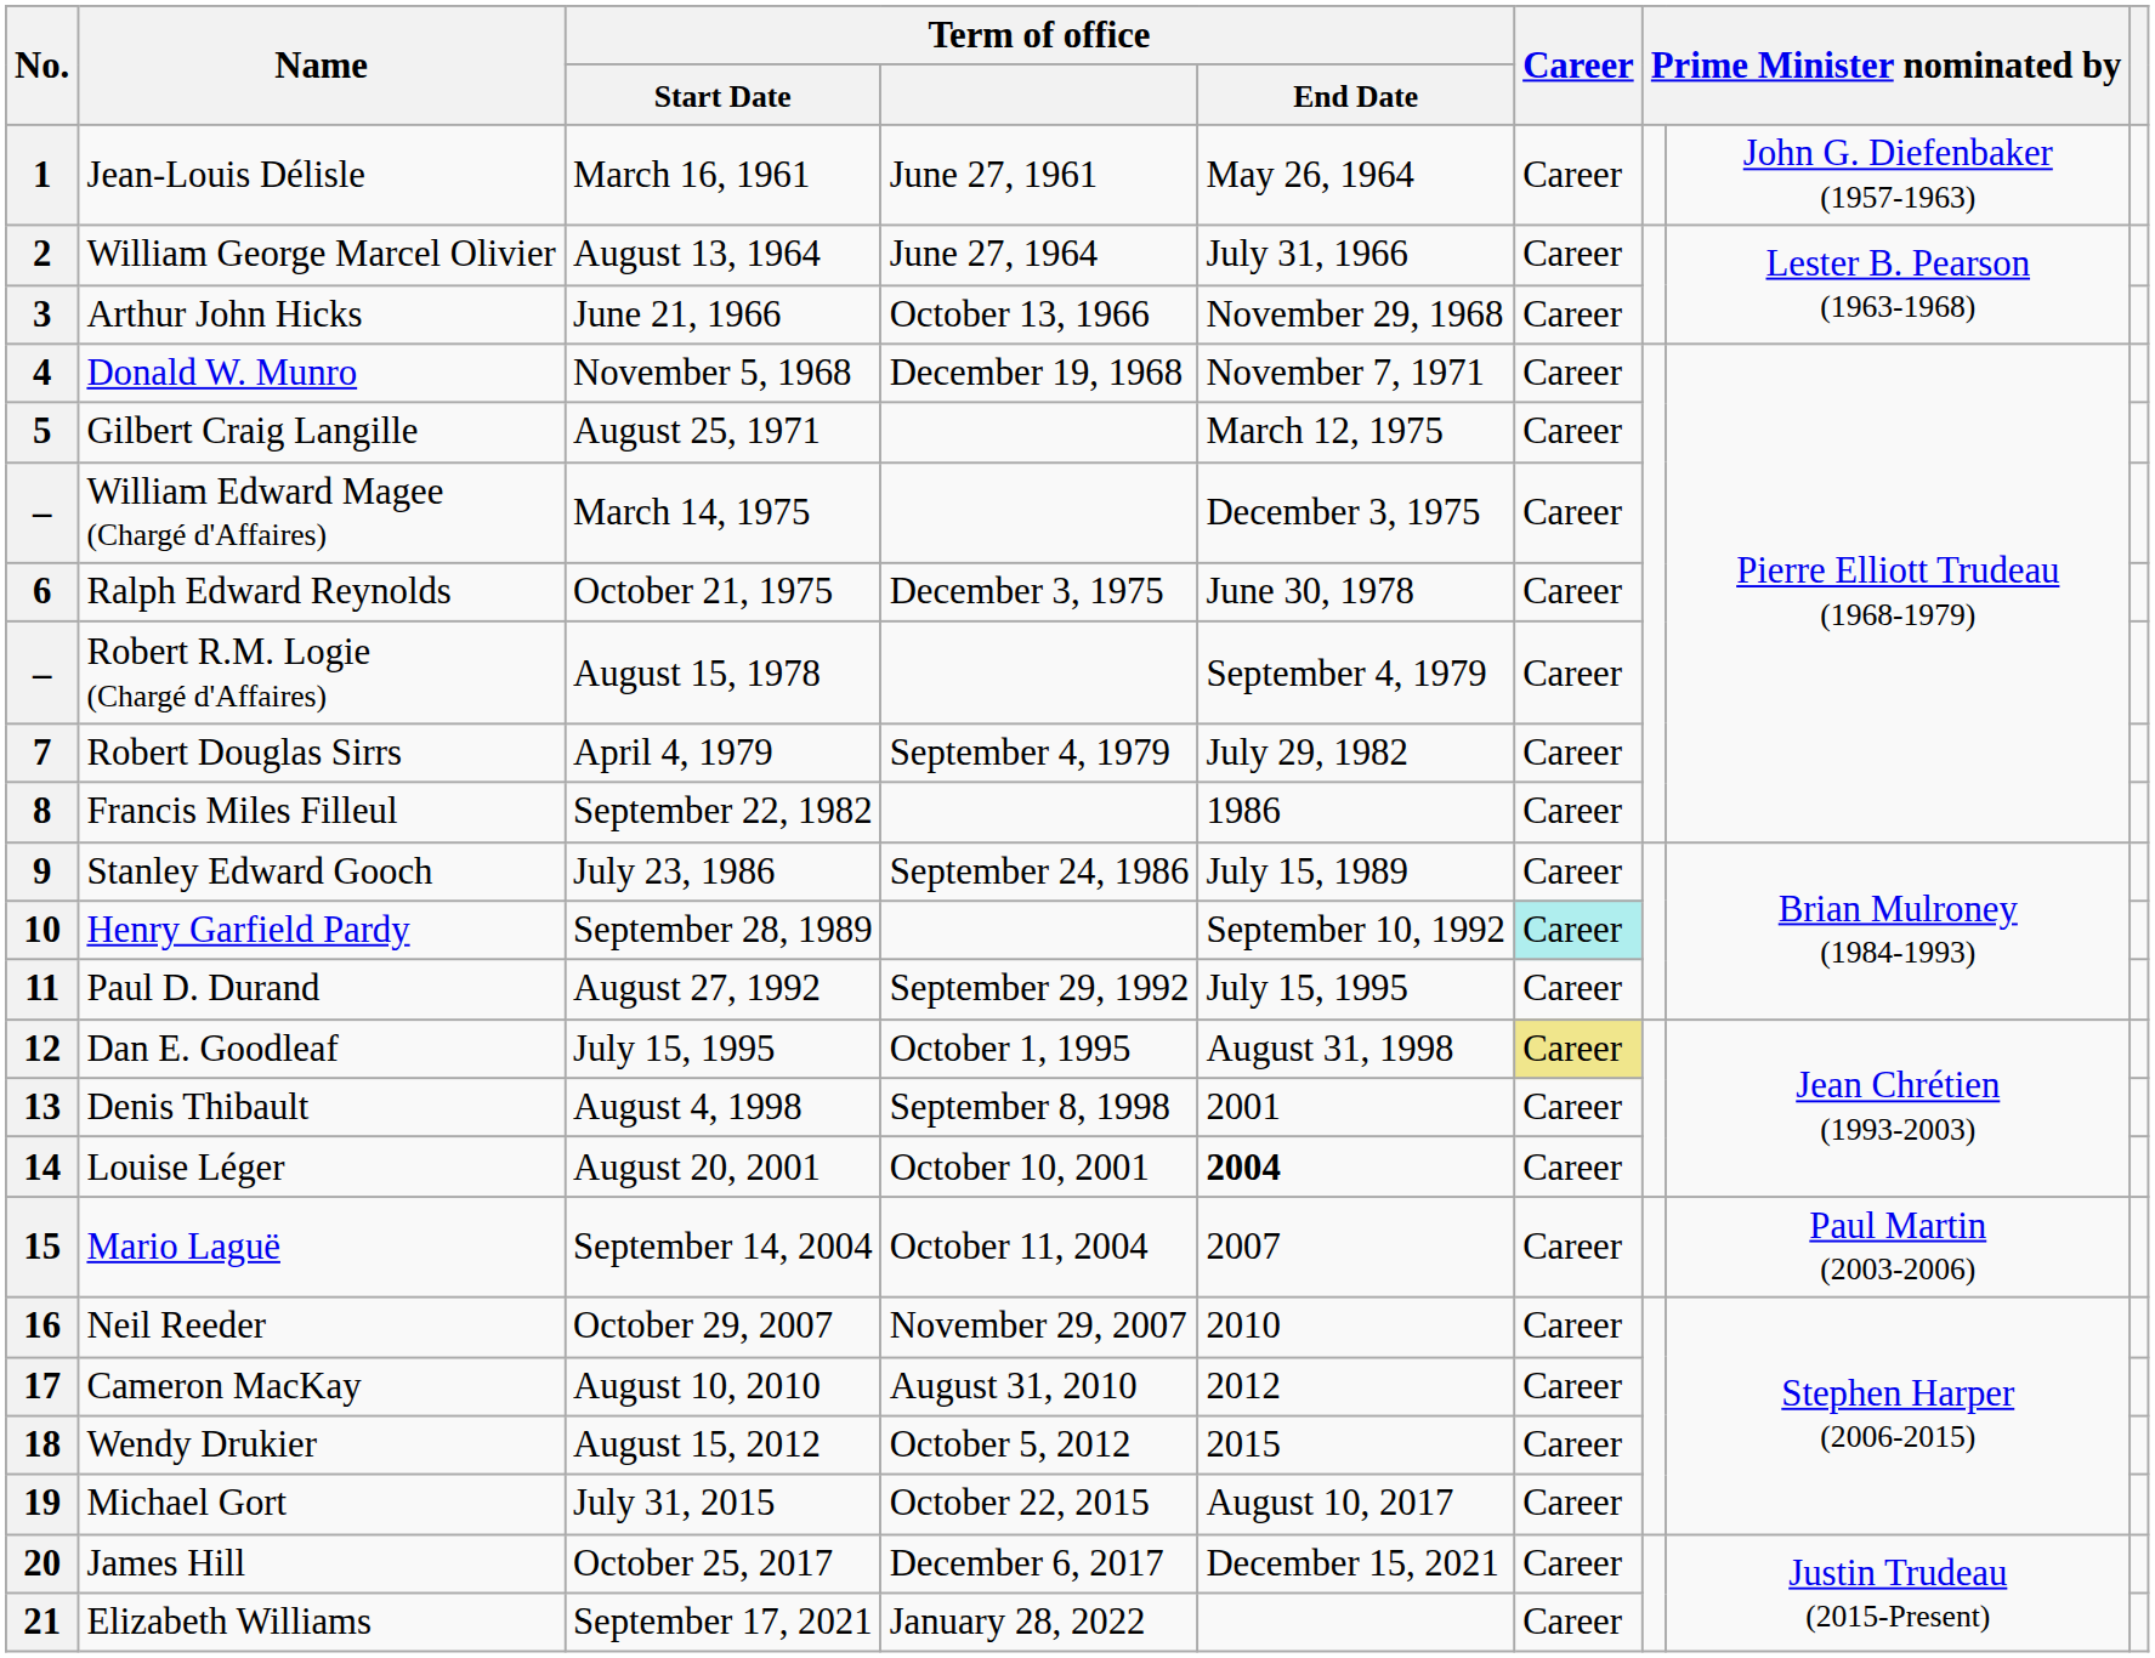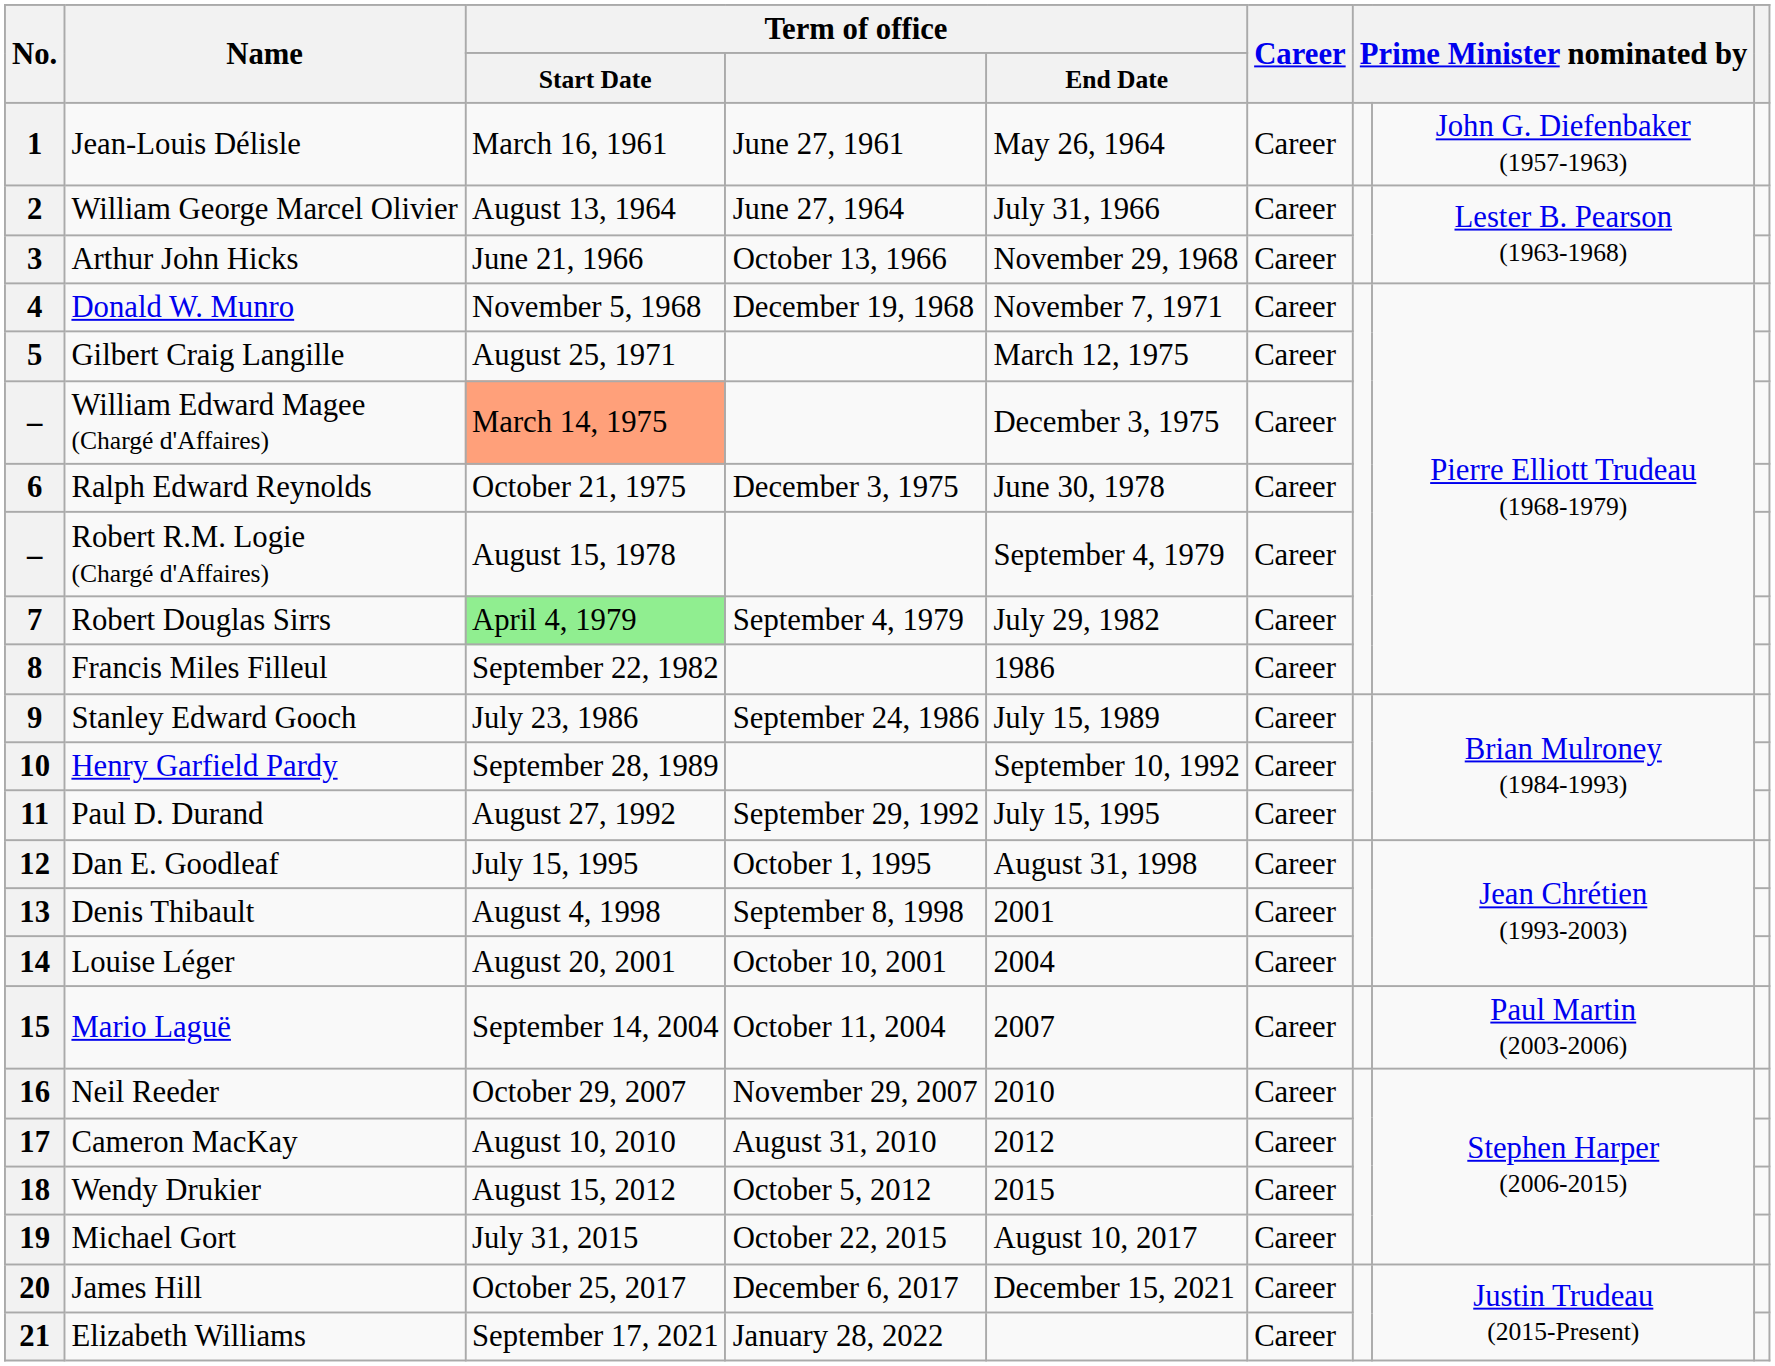 <table class="wikitable">
 <tr>
 <th rowspan="2">No.</th>
 <th rowspan="2">Name</th>
 <th colspan="3">Term of office</th>
 <th rowspan="2"><a href='#'>Career</a></th>
 <th rowspan="2"; colspan="2"><a href='#'>Prime Minister</a> nominated by</th>
 <th rowspan="2"></th>
 </tr>
 <tr>
 <th><small>Start Date</small></th>
 <th><small><a href='#'></a></small></th>
 <th><small>End Date</small></th>
 </tr>
 <tr>
 <th>1</th>
 <td>Jean-Louis Délisle</td>
 <td>March 16, 1961</td>
 <td>June 27, 1961</td>
 <td>May 26, 1964</td>
 <td>Career</td>
 <td></td>
 <td style=text-align:center><a href='#'>John G. Diefenbaker</a><br><small>(1957-1963)</small></td>
 <td></td>
 </tr>
 <tr>
 <th>2</th>
 <td>William George Marcel Olivier</td>
 <td>August 13, 1964</td>
 <td>June 27, 1964</td>
 <td>July 31, 1966</td>
 <td>Career</td>
 <td rowspan="2"></td>
 <td rowspan="2"style=text-align:center><a href='#'>Lester B. Pearson</a><br><small>(1963-1968)</small></td>
 <td></td>
 </tr>
 <tr>
 <th>3</th>
 <td>Arthur John Hicks</td>
 <td>June 21, 1966</td>
 <td>October 13, 1966</td>
 <td>November 29, 1968</td>
 <td>Career</td>
 <td></td>
 </tr>
 <tr>
 <th>4</th>
 <td><a href='#'>Donald W. Munro</a></td>
 <td>November 5, 1968</td>
 <td>December 19, 1968</td>
 <td>November 7, 1971</td>
 <td>Career</td>
 <td rowspan="7" ></td>
 <td rowspan="7" style=text-align:center><a href='#'>Pierre Elliott Trudeau</a><br><small>(1968-1979)</small></td>
 <td></td>
 </tr>
 <tr>
 <th>5</th>
 <td>Gilbert Craig Langille</td>
 <td>August 25, 1971</td>
 <td></td>
 <td>March 12, 1975</td>
 <td>Career</td>
 <td></td>
 </tr>
 <tr>
 <th>–</th>
 <td>William Edward Magee<br><small>(Chargé d'Affaires)</small></td>
-<td>March 14, 1975</td>
+<td style="background: lightsalmon;">March 14, 1975</td>
 <td></td>
 <td>December 3, 1975</td>
 <td>Career</td>
 <td></td>
 </tr>
 <tr>
 <th>6</th>
 <td>Ralph Edward Reynolds</td>
 <td>October 21, 1975</td>
 <td>December 3, 1975</td>
 <td>June 30, 1978</td>
 <td>Career</td>
 <td></td>
 </tr>
 <tr>
 <th>–</th>
 <td>Robert R.M. Logie<br><small>(Chargé d'Affaires)</small></td>
 <td>August 15, 1978</td>
 <td></td>
 <td>September 4, 1979</td>
 <td>Career</td>
 <td></td>
 </tr>
 <tr>
 <th>7</th>
 <td>Robert Douglas Sirrs</td>
-<td>April 4, 1979</td>
+<td style="background: lightgreen;">April 4, 1979</td>
 <td>September 4, 1979</td>
 <td>July 29, 1982</td>
 <td>Career</td>
 <td></td>
 </tr>
 <tr>
 <th>8</th>
 <td>Francis Miles Filleul</td>
 <td>September 22, 1982</td>
 <td></td>
 <td>1986</td>
 <td>Career</td>
 <td></td>
 </tr>
 <tr>
 <th>9</th>
 <td>Stanley Edward Gooch</td>
 <td>July 23, 1986</td>
 <td>September 24, 1986</td>
 <td>July 15, 1989</td>
 <td>Career</td>
 <td rowspan="3"></td>
 <td rowspan="3"style=text-align:center><a href='#'>Brian Mulroney</a><br><small>(1984-1993)</small></td>
 <td></td>
 </tr>
 <tr>
 <th>10</th>
 <td><a href='#'>Henry Garfield Pardy</a></td>
 <td>September 28, 1989</td>
 <td></td>
 <td>September 10, 1992</td>
-<td style="background: paleturquoise;">Career</td>
+<td>Career</td>
 <td></td>
 </tr>
 <tr>
 <th>11</th>
 <td>Paul D. Durand</td>
 <td>August 27, 1992</td>
 <td>September 29, 1992</td>
 <td>July 15, 1995</td>
 <td>Career</td>
 <td></td>
 </tr>
 <tr>
 <th>12</th>
 <td>Dan E. Goodleaf</td>
 <td>July 15, 1995</td>
 <td>October 1, 1995</td>
 <td>August 31, 1998</td>
-<td style="background: khaki;">Career</td>
+<td>Career</td>
 <td rowspan="3"></td>
 <td rowspan="3"style=text-align:center><a href='#'>Jean Chrétien</a><br><small>(1993-2003)</small></td>
 <td></td>
 </tr>
 <tr>
 <th>13</th>
 <td>Denis Thibault</td>
 <td>August 4, 1998</td>
 <td>September 8, 1998</td>
 <td>2001</td>
 <td>Career</td>
 <td></td>
 </tr>
 <tr>
 <th>14</th>
 <td>Louise Léger</td>
 <td>August 20, 2001</td>
 <td>October 10, 2001</td>
-<td><strong>2004</strong></td>
+<td>2004</td>
 <td>Career</td>
 <td></td>
 </tr>
 <tr>
 <th>15</th>
 <td><a href='#'>Mario Laguë</a></td>
 <td>September 14, 2004</td>
 <td>October 11, 2004</td>
 <td>2007</td>
 <td>Career</td>
 <td></td>
 <td style=text-align:center><a href='#'>Paul Martin</a><br><small>(2003-2006)</small></td>
 <td></td>
 </tr>
 <tr>
 <th>16</th>
 <td>Neil Reeder</td>
 <td>October 29, 2007</td>
 <td>November 29, 2007</td>
 <td>2010</td>
 <td>Career</td>
 <td rowspan="4"></td>
 <td rowspan="4"style=text-align:center><a href='#'>Stephen Harper</a><br><small>(2006-2015)</small></td>
 <td></td>
 </tr>
 <tr>
 <th>17</th>
 <td>Cameron MacKay</td>
 <td>August 10, 2010</td>
 <td>August 31, 2010</td>
 <td>2012</td>
 <td>Career</td>
 <td></td>
 </tr>
 <tr>
 <th>18</th>
 <td>Wendy Drukier</td>
 <td>August 15, 2012</td>
 <td>October 5, 2012</td>
 <td>2015</td>
 <td>Career</td>
 <td></td>
 </tr>
 <tr>
 <th>19</th>
 <td>Michael Gort</td>
 <td>July 31, 2015</td>
 <td>October 22, 2015</td>
 <td>August 10, 2017</td>
 <td>Career</td>
 <td></td>
 </tr>
 <tr>
 <th>20</th>
 <td>James Hill</td>
 <td>October 25, 2017</td>
 <td>December 6, 2017</td>
 <td>December 15, 2021</td>
 <td>Career</td>
 <td rowspan="2"></td>
 <td rowspan="2"style=text-align:center><a href='#'>Justin Trudeau</a><br><small>(2015-Present)</small></td>
 <td></td>
 </tr>
 <tr>
 <th>21</th>
 <td>Elizabeth Williams</td>
 <td>September 17, 2021</td>
 <td>January 28, 2022</td>
 <td></td>
 <td>Career</td>
 <td></td>
 </tr>
 </table>
